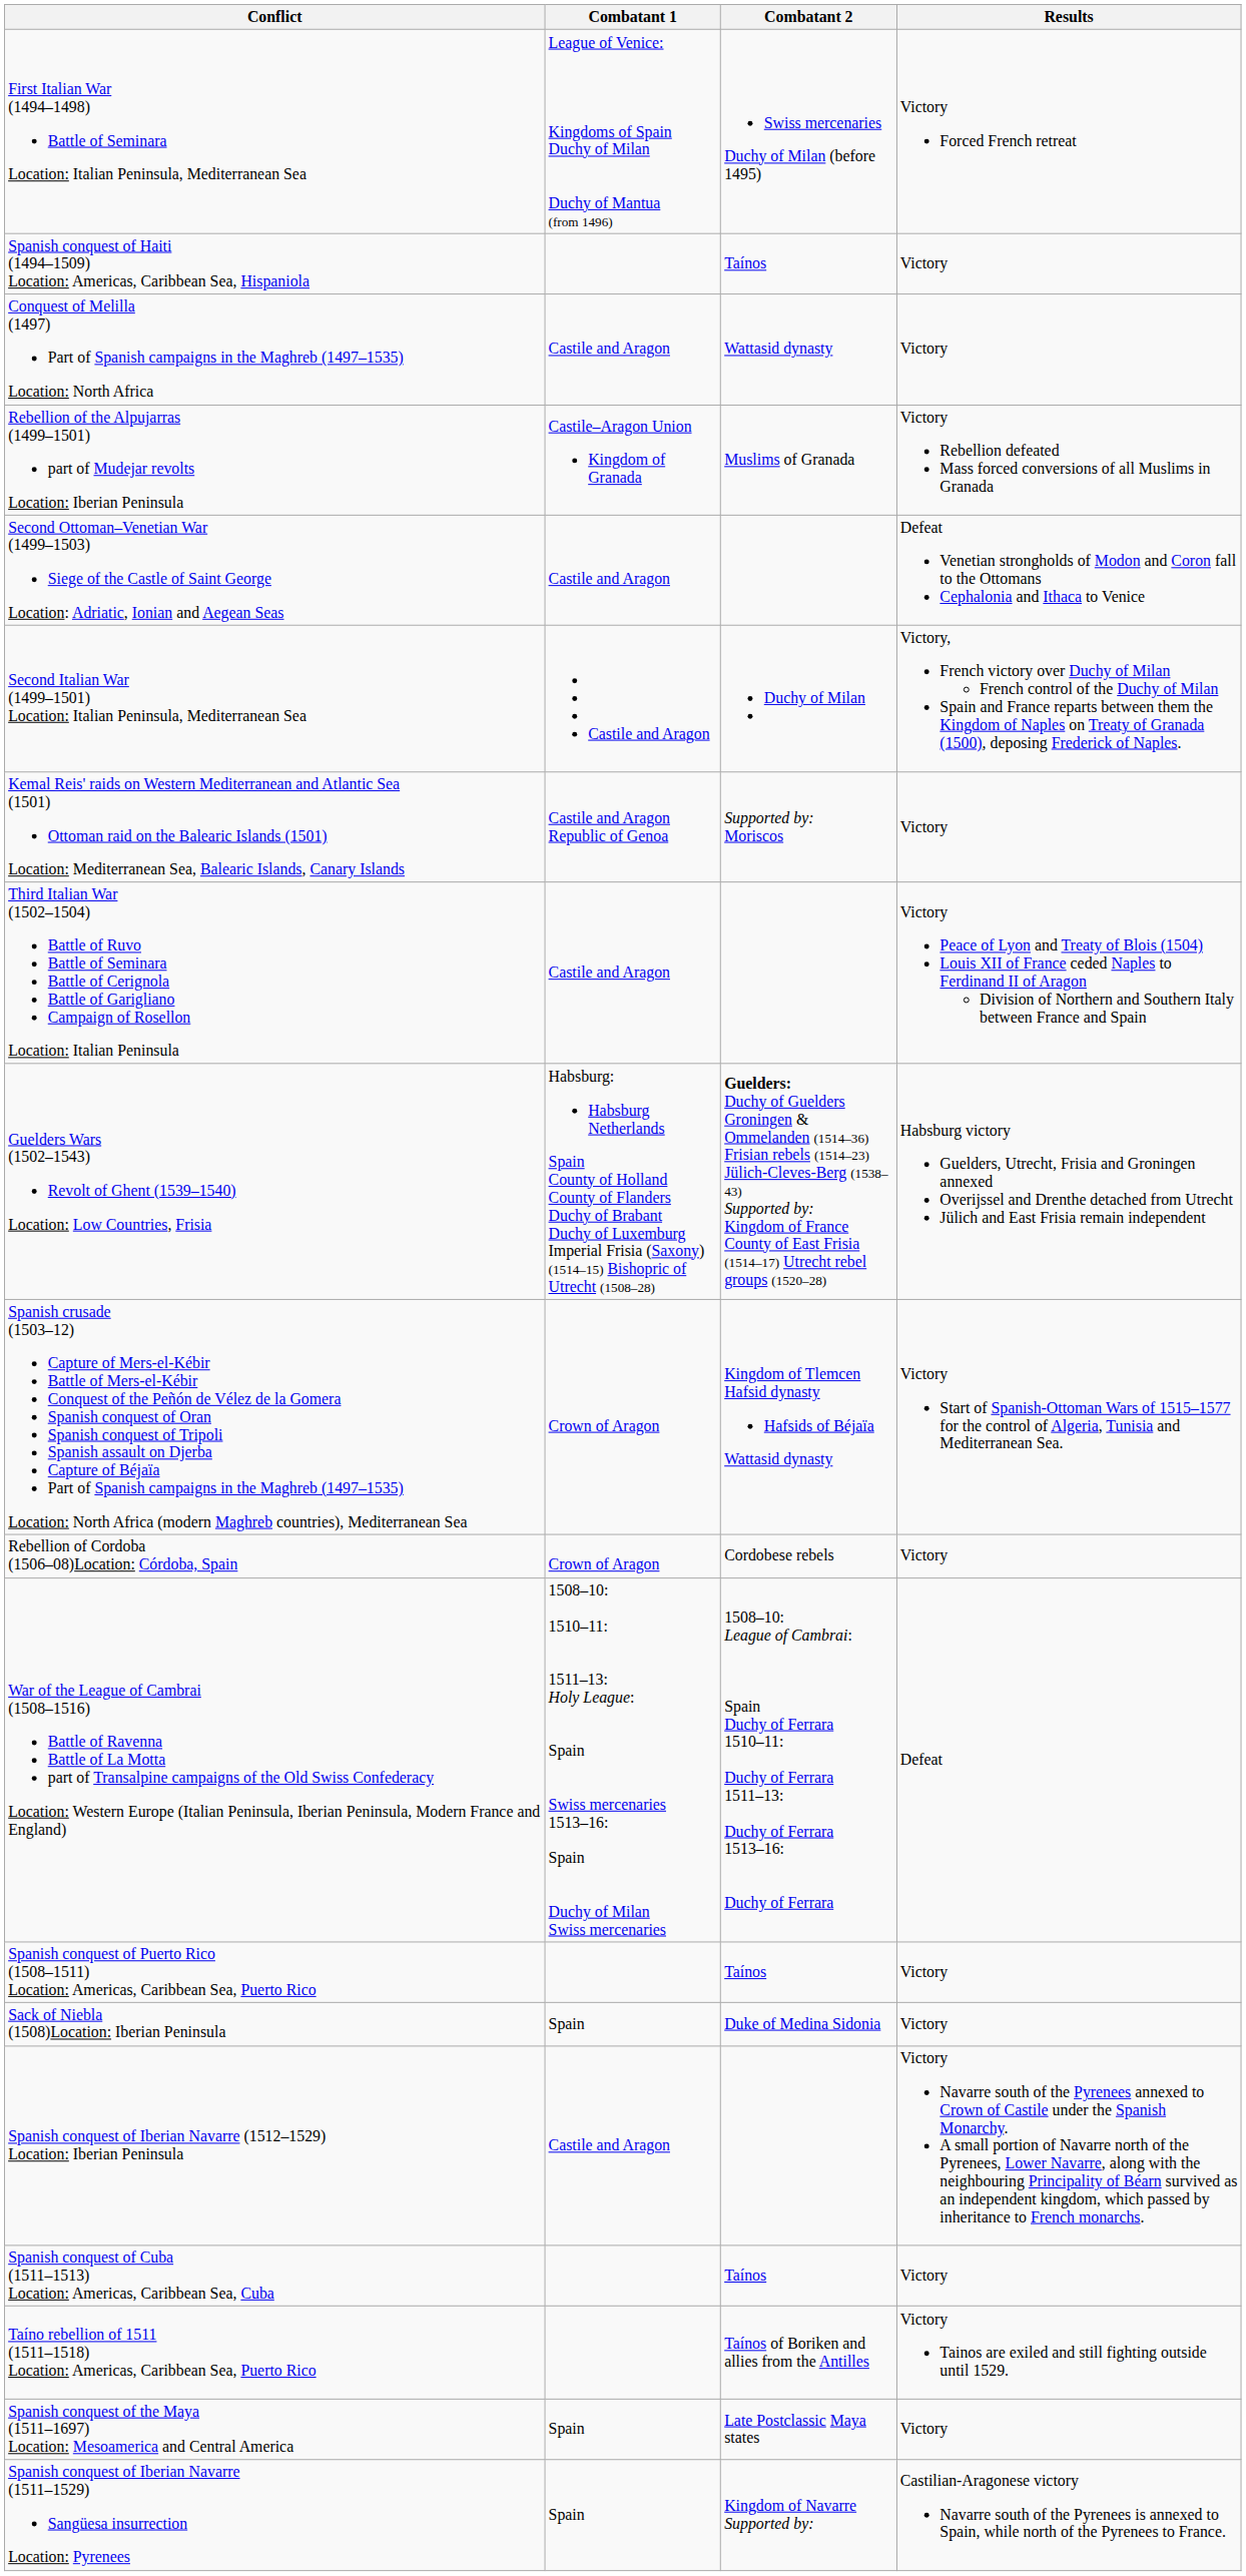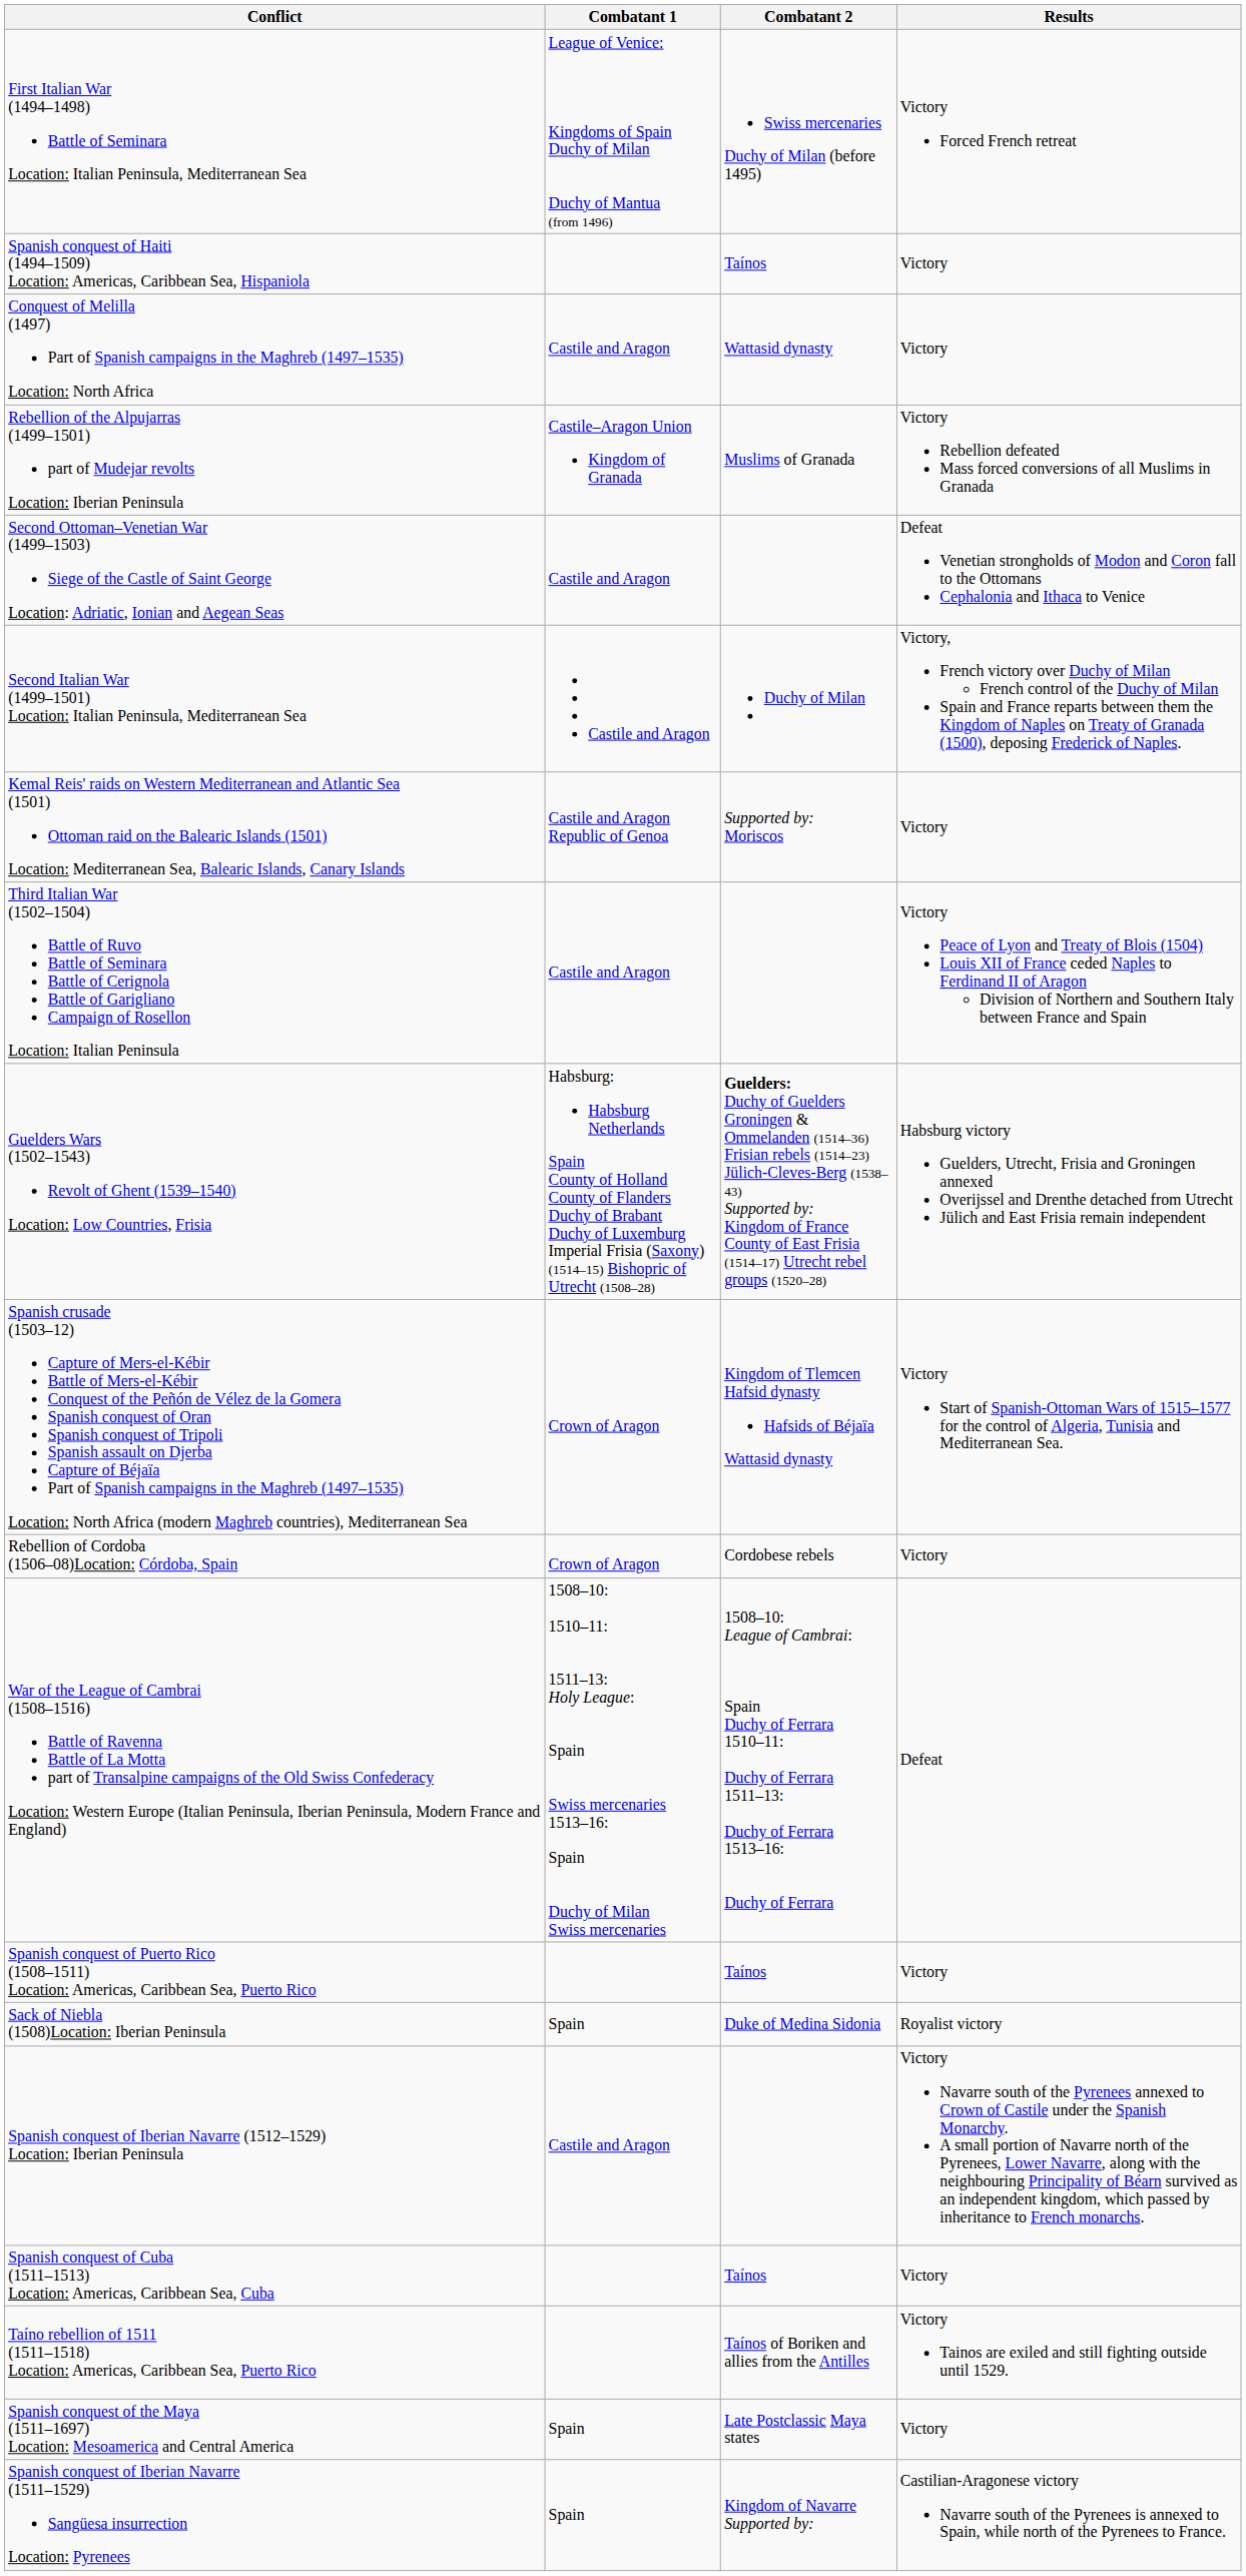 <table class="wikitable">
 <tr>
 <th>Conflict</th>
 <th width=170px>Combatant 1</th>
 <th width=170px>Combatant 2</th>
 <th width=340px>Results</th>
 </tr>
 <tr>
 <td><a href='#'>First Italian War</a><br>(1494–1498)<br><ul><li><a href='#'>Battle of Seminara</a></li></ul><u>Location:</u> Italian Peninsula, Mediterranean Sea</td>
 <td><a href='#'>League of Venice:</a><br><br><br> <br> <br>  <a href='#'>Kingdoms of Spain</a><br>  <a href='#'>Duchy of Milan</a><br> <br> <br>  <a href='#'>Duchy of Mantua</a><br>  <small>(from 1496)</small></td>
 <td><br><ul><li> <a href='#'>Swiss mercenaries</a></li></ul> <a href='#'>Duchy of Milan</a> (before 1495)</td>
 <td>Victory<br><ul><li>Forced French retreat</li></ul></td>
 </tr>
 <tr>
 <td><a href='#'>Spanish conquest of Haiti</a><br>(1494–1509)<br><u>Location:</u> Americas, Caribbean Sea, <a href='#'>Hispaniola</a></td>
 <td></td>
 <td><a href='#'>Taínos</a></td>
 <td>Victory</td>
 </tr>
 <tr>
 <td><a href='#'>Conquest of Melilla</a><br>(1497)<br><ul><li>Part of <a href='#'>Spanish campaigns in the Maghreb (1497–1535)</a></li></ul><u>Location:</u> North Africa</td>
 <td> <a href='#'>Castile and Aragon</a></td>
 <td><a href='#'>Wattasid dynasty</a></td>
 <td>Victory</td>
 </tr>
 <tr>
 <td><a href='#'>Rebellion of the Alpujarras</a><br>(1499–1501)<ul><li>part of <a href='#'>Mudejar revolts</a></li></ul><u>Location:</u> Iberian Peninsula</td>
 <td> <a href='#'>Castile–Aragon Union</a><br><ul><li> <a href='#'>Kingdom of Granada</a></li></ul></td>
 <td> <a href='#'>Muslims</a> of Granada</td>
 <td>Victory<br><ul><li>Rebellion defeated</li><li>Mass forced conversions of all Muslims in Granada</li></ul></td>
 </tr>
 <tr>
 <td><a href='#'>Second Ottoman–Venetian War</a><br>(1499–1503)<br><ul><li><a href='#'>Siege of the Castle of Saint George</a></li></ul><u>Location</u>: <a href='#'>Adriatic</a>, <a href='#'>Ionian</a> and <a href='#'>Aegean Seas</a></td>
 <td><br><span></span> <a href='#'>Castile and Aragon</a></td>
 <td></td>
 <td>Defeat<br><ul><li>Venetian strongholds of <a href='#'>Modon</a> and <a href='#'>Coron</a> fall to the Ottomans</li><li><a href='#'>Cephalonia</a> and <a href='#'>Ithaca</a> to Venice</li></ul></td>
 </tr>
 <tr>
 <td><a href='#'>Second Italian War</a><br>(1499–1501)<br><u>Location:</u> Italian Peninsula, Mediterranean Sea</td>
 <td><br><ul><li></li><li></li><li></li><li><span></span> <a href='#'>Castile and Aragon</a></li></ul></td>
 <td><br><ul><li><span></span> <a href='#'>Duchy of Milan</a></li><li></li></ul></td>
 <td>Victory,<br><ul><li>French victory over <a href='#'>Duchy of Milan</a><ul><li>French control of the <a href='#'>Duchy of Milan</a></li></ul></li><li>Spain and France reparts between them the <a href='#'>Kingdom of Naples</a> on <a href='#'>Treaty of Granada (1500)</a>, deposing <a href='#'>Frederick of Naples</a>.</li></ul></td>
 </tr>
 <tr>
 <td><a href='#'>Kemal Reis' raids on Western Mediterranean and Atlantic Sea</a><br>(1501)<ul><li><a href='#'>Ottoman raid on the Balearic Islands (1501)</a></li></ul><u>Location:</u> Mediterranean Sea, <a href='#'>Balearic Islands</a>, <a href='#'>Canary Islands</a></td>
 <td> <a href='#'>Castile and Aragon</a><br> <a href='#'>Republic of Genoa</a></td>
 <td> <em>Supported by:</em><br> <a href='#'>Moriscos</a></td>
 <td>Victory</td>
 </tr>
 <tr>
 <td><a href='#'>Third Italian War</a><br>(1502–1504)<br><ul><li><a href='#'>Battle of Ruvo</a></li><li><a href='#'>Battle of Seminara</a></li><li><a href='#'>Battle of Cerignola</a></li><li><a href='#'>Battle of Garigliano</a></li><li><a href='#'>Campaign of Rosellon</a></li></ul><u>Location:</u> Italian Peninsula</td>
 <td><span></span> <a href='#'>Castile and Aragon</a></td>
 <td></td>
 <td>Victory<br><ul><li><a href='#'>Peace of Lyon</a> and <a href='#'>Treaty of Blois (1504)</a></li><li><a href='#'>Louis XII of France</a> ceded <a href='#'>Naples</a> to <a href='#'>Ferdinand II of Aragon</a><ul><li>Division of Northern and Southern Italy between France and Spain</li></ul></li></ul></td>
 </tr>
 <tr>
 <td><a href='#'>Guelders Wars</a><br>(1502–1543)<ul><li><a href='#'>Revolt of Ghent (1539–1540)</a></li></ul><u>Location:</u> <a href='#'>Low Countries</a>, <a href='#'>Frisia</a></td>
 <td>Habsburg:<br><ul><li> <a href='#'>Habsburg Netherlands</a></li></ul> <a href='#'>Spain</a><br> <a href='#'>County of Holland</a><br> <a href='#'>County of Flanders</a><br> <a href='#'>Duchy of Brabant</a><br> <a href='#'>Duchy of Luxemburg</a> Imperial Frisia (<a href='#'>Saxony</a>) <small>(1514–15)</small> <a href='#'>Bishopric of Utrecht</a> <small>(1508–28)</small></td>
 <td><strong>Guelders:</strong><br> <a href='#'>Duchy of Guelders</a><br> <a href='#'>Groningen</a> & <a href='#'>Ommelanden</a> <small>(1514–36)</small><br> <a href='#'>Frisian rebels</a> <small>(1514–23)</small><br> <a href='#'>Jülich-Cleves-Berg</a> <small>(1538–43)</small><br><em>Supported by:</em><br> <a href='#'>Kingdom of France</a> <a href='#'>County of East Frisia</a> <small>(1514–17)</small> <a href='#'>Utrecht rebel groups</a> <small>(1520–28)</small></td>
 <td>Habsburg victory<br><ul><li>Guelders, Utrecht, Frisia and Groningen annexed</li><li>Overijssel and Drenthe detached from Utrecht</li><li>Jülich and East Frisia remain independent</li></ul></td>
 </tr>
 <tr>
 <td><a href='#'>Spanish crusade</a><br>(1503–12)<br><ul><li><a href='#'>Capture of Mers-el-Kébir</a></li><li><a href='#'>Battle of Mers-el-Kébir</a></li><li><a href='#'>Conquest of the Peñón de Vélez de la Gomera</a></li><li><a href='#'>Spanish conquest of Oran</a></li><li><a href='#'>Spanish conquest of Tripoli</a></li><li><a href='#'>Spanish assault on Djerba</a></li><li><a href='#'>Capture of Béjaïa</a></li><li>Part of <a href='#'>Spanish campaigns in the Maghreb (1497–1535)</a></li></ul><u>Location:</u> North Africa (modern <a href='#'>Maghreb</a> countries), Mediterranean Sea</td>
 <td><br> <a href='#'>Crown of Aragon</a></td>
 <td><a href='#'>Kingdom of Tlemcen</a><br> <a href='#'>Hafsid dynasty</a><br><ul><li> <a href='#'>Hafsids of Béjaïa</a></li></ul><a href='#'>Wattasid dynasty</a></td>
 <td>Victory<br><ul><li>Start of <a href='#'>Spanish-Ottoman Wars of 1515–1577</a> for the control of <a href='#'>Algeria</a>, <a href='#'>Tunisia</a> and Mediterranean Sea.</li></ul></td>
 </tr>
 <tr>
 <td>Rebellion of Cordoba<br>(1506–08)<u>Location:</u> <a href='#'>Córdoba, Spain</a></td>
 <td><br> <a href='#'>Crown of Aragon</a></td>
 <td>Cordobese rebels</td>
 <td>Victory</td>
 </tr>
 <tr>
 <td><a href='#'>War of the League of Cambrai</a><br>(1508–1516)<br><ul><li><a href='#'>Battle of Ravenna</a></li><li><a href='#'>Battle of La Motta</a></li><li>part of <a href='#'>Transalpine campaigns of the Old Swiss Confederacy</a></li></ul><u>Location:</u> Western Europe (Italian Peninsula, Iberian Peninsula, Modern France and England)</td>
 <td>1508–10:<br><br>1510–11:<br> <br> <br>1511–13:<br><em>Holy League</em>:<br><br> <br> Spain<br><br><br> <a href='#'>Swiss mercenaries</a><br>1513–16:<br><br> Spain<br> <br><br>  <a href='#'>Duchy of Milan</a><br> <a href='#'>Swiss mercenaries</a></td>
 <td>1508–10:<br><em>League of Cambrai</em>:<br><br><br><br> Spain<br> <a href='#'>Duchy of Ferrara</a><br>1510–11:<br><br>  <a href='#'>Duchy of Ferrara</a><br>1511–13:<br><br> <a href='#'>Duchy of Ferrara</a><br>  1513–16:<br><br><br>  <a href='#'>Duchy of Ferrara</a></td>
 <td>Defeat</td>
 </tr>
 <tr>
 <td><a href='#'>Spanish conquest of Puerto Rico</a><br>(1508–1511)<br><u>Location:</u> Americas, Caribbean Sea, <a href='#'>Puerto Rico</a></td>
 <td></td>
 <td><a href='#'>Taínos</a></td>
 <td>Victory</td>
 </tr>
 <tr>
 <td><a href='#'>Sack of Niebla</a><br>(1508)<u>Location:</u> Iberian Peninsula</td>
 <td> Spain</td>
 <td><a href='#'>Duke of Medina Sidonia</a></td>
-<td>Victory</td>
+<td>Royalist victory</td>
 </tr>
 <tr>
 <td><a href='#'>Spanish conquest of Iberian Navarre</a> (1512–1529)<br><u>Location:</u> Iberian Peninsula</td>
 <td> <a href='#'>Castile and Aragon</a></td>
 <td><br></td>
 <td>Victory<br><ul><li>Navarre south of the <a href='#'>Pyrenees</a> annexed to <a href='#'>Crown of Castile</a> under the <a href='#'>Spanish Monarchy</a>.</li><li>A small portion of Navarre north of the Pyrenees, <a href='#'>Lower Navarre</a>, along with the neighbouring <a href='#'>Principality of Béarn</a> survived as an independent kingdom, which passed by inheritance to <a href='#'>French monarchs</a>.</li></ul></td>
 </tr>
 <tr>
 <td><a href='#'>Spanish conquest of Cuba</a><br>(1511–1513)<br><u>Location:</u> Americas, Caribbean Sea, <a href='#'>Cuba</a></td>
 <td></td>
 <td><a href='#'>Taínos</a></td>
 <td>Victory</td>
 </tr>
 <tr>
 <td><a href='#'>Taíno rebellion of 1511</a><br>(1511–1518)<br><u>Location:</u> Americas, Caribbean Sea, <a href='#'>Puerto Rico</a></td>
 <td></td>
 <td><a href='#'>Taínos</a> of Boriken and allies from the <a href='#'>Antilles</a></td>
 <td>Victory<br><ul><li>Tainos are exiled and still fighting outside until 1529.</li></ul></td>
 </tr>
 <tr>
 <td><a href='#'>Spanish conquest of the Maya</a><br>(1511–1697)<br><u>Location:</u> <a href='#'>Mesoamerica</a> and Central America</td>
 <td> Spain</td>
 <td><a href='#'>Late Postclassic</a> <a href='#'>Maya</a> states</td>
 <td>Victory</td>
 </tr>
 <tr>
 <td><a href='#'>Spanish conquest of Iberian Navarre</a><br>(1511–1529)<ul><li><a href='#'>Sangüesa insurrection</a></li></ul><u>Location:</u> <a href='#'>Pyrenees</a></td>
 <td> Spain</td>
 <td> <a href='#'>Kingdom of Navarre</a><br><em>Supported by:</em><br></td>
 <td>Castilian-Aragonese victory<br><ul><li>Navarre south of the Pyrenees is annexed to Spain, while north of the Pyrenees to France.</li></ul></td>
 </tr>
 </table>
